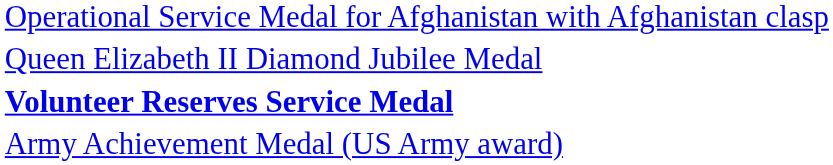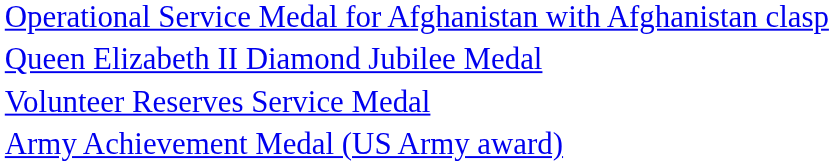 <table>
 <tr>
 <td> <a href='#'>Operational Service Medal for Afghanistan with Afghanistan clasp</a></td>
 </tr>
 <tr>
 <td> <a href='#'>Queen Elizabeth II Diamond Jubilee Medal</a></td>
 </tr>
 <tr>
-<td><strong> <a href='#'>Volunteer Reserves Service Medal</a></strong></td>
+<td> <a href='#'>Volunteer Reserves Service Medal</a></td>
 </tr>
 <tr>
 <td> <a href='#'>Army Achievement Medal (US Army award)</a></td>
 </tr>
 </table>
